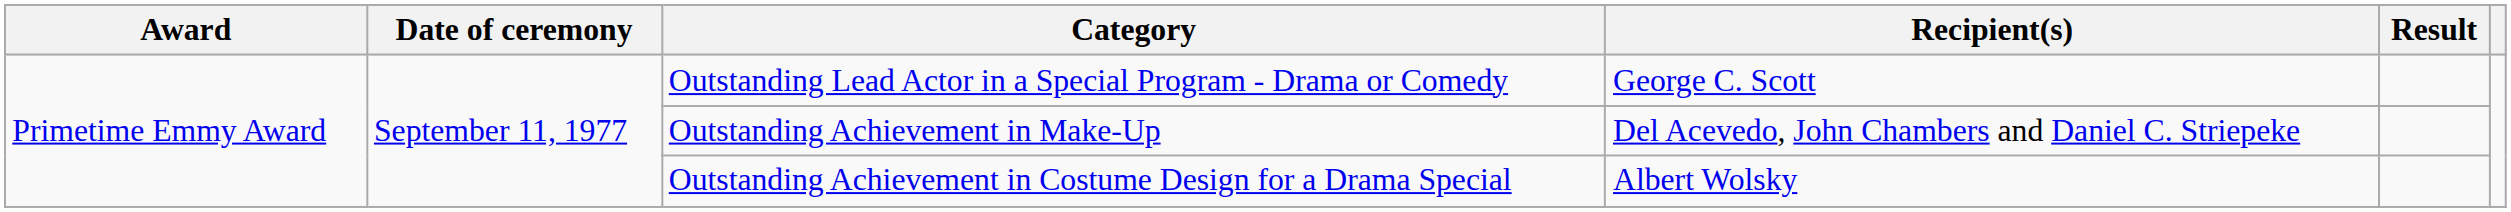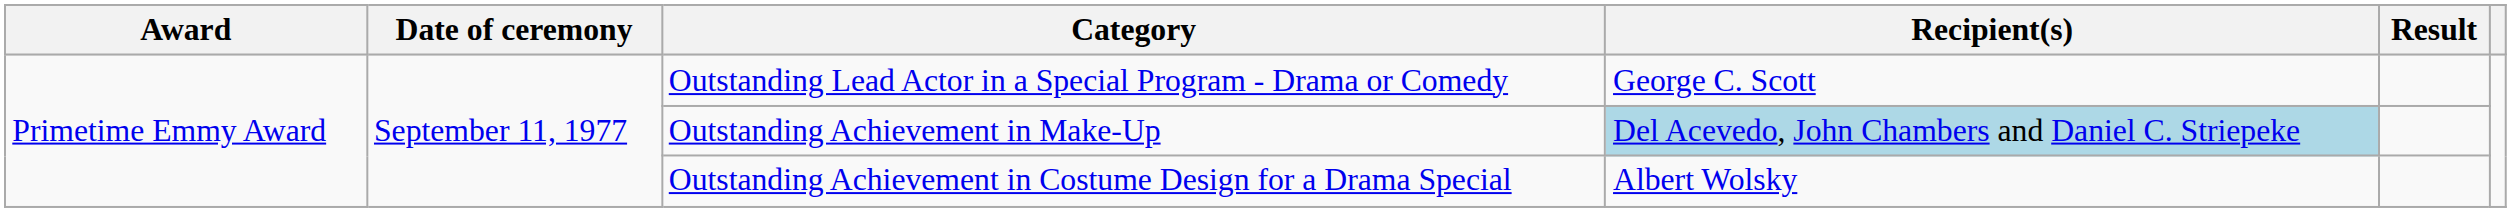 <table class="wikitable plainrowheaders sortable" style="width:100%;">
 <tr style="background:#ccc; text-align:center;">
 <th scope="col">Award</th>
 <th scope="col">Date of ceremony</th>
 <th scope="col">Category</th>
 <th scope="col">Recipient(s)</th>
 <th scope="col">Result</th>
 <th scope="col" class="unsortable"></th>
 </tr>
 <tr>
 <td rowspan="3"><a href='#'>Primetime Emmy Award</a></td>
 <td rowspan="3"><a href='#'>September 11, 1977</a></td>
 <td><a href='#'>Outstanding Lead Actor in a Special Program - Drama or Comedy</a></td>
 <td><a href='#'>George C. Scott</a></td>
 <td></td>
 <td rowspan="3" style="text-align:center;"></td>
 </tr>
 <tr>
 <td><a href='#'>Outstanding Achievement in Make-Up</a></td>
-<td><a href='#'>Del Acevedo</a>, <a href='#'>John Chambers</a> and <a href='#'>Daniel C. Striepeke</a></td>
+<td style="background: lightblue;"><a href='#'>Del Acevedo</a>, <a href='#'>John Chambers</a> and <a href='#'>Daniel C. Striepeke</a></td>
 <td></td>
 </tr>
 <tr>
 <td><a href='#'>Outstanding Achievement in Costume Design for a Drama Special</a></td>
 <td><a href='#'>Albert Wolsky</a></td>
 <td></td>
 </tr>
 </table>
